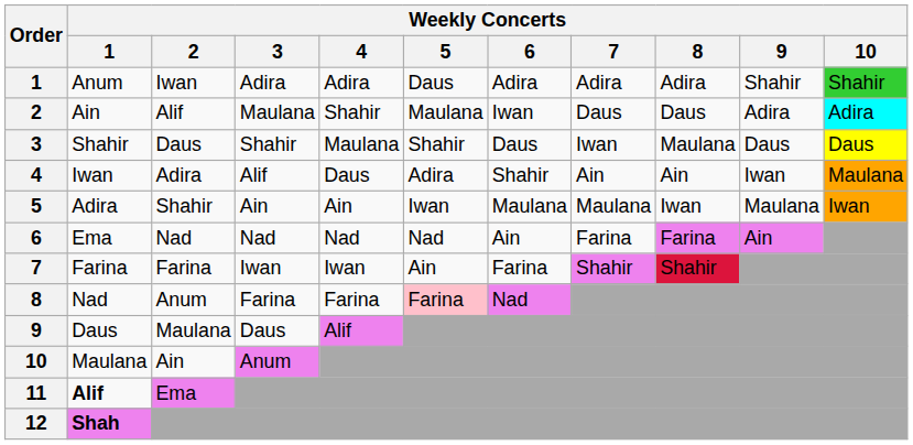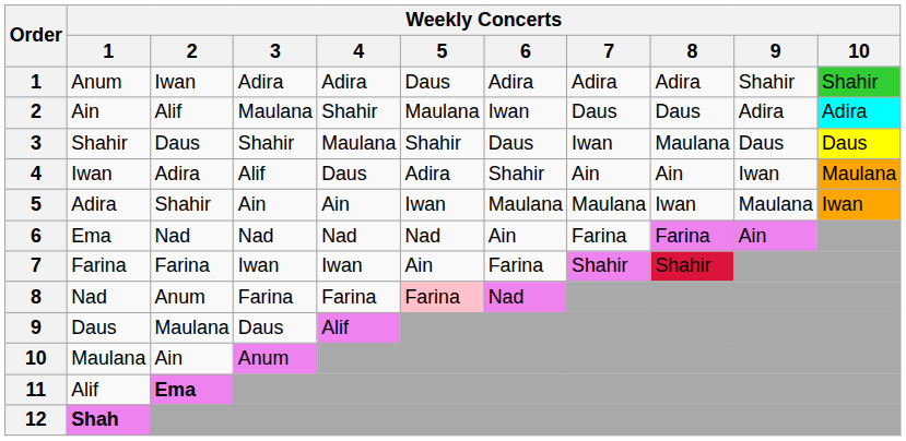 <table class="wikitable">
 <tr>
 <th rowspan=2>Order</th>
 <th colspan=10>Weekly Concerts</th>
 </tr>
 <tr>
 <th>1</th>
 <th>2</th>
 <th>3</th>
 <th>4</th>
 <th>5</th>
 <th>6</th>
 <th>7</th>
 <th>8</th>
 <th>9</th>
 <th>10</th>
 </tr>
 <tr>
 <th>1</th>
 <td>Anum</td>
 <td>Iwan</td>
 <td>Adira</td>
 <td>Adira</td>
 <td>Daus</td>
 <td>Adira</td>
 <td>Adira</td>
 <td>Adira</td>
 <td>Shahir</td>
 <td Adira bgcolor="limegreen">Shahir</td>
 </tr>
 <tr>
 <th>2</th>
 <td>Ain</td>
 <td>Alif</td>
 <td>Maulana</td>
 <td>Shahir</td>
 <td>Maulana</td>
 <td>Iwan</td>
 <td>Daus</td>
 <td>Daus</td>
 <td>Adira</td>
 <td bgcolor="cyan">Adira</td>
 </tr>
 <tr>
 <th>3</th>
 <td>Shahir</td>
 <td>Daus</td>
 <td>Shahir</td>
 <td>Maulana</td>
 <td>Shahir</td>
 <td>Daus</td>
 <td>Iwan</td>
 <td>Maulana</td>
 <td>Daus</td>
 <td bgcolor="yellow">Daus</td>
 </tr>
 <tr>
 <th>4</th>
 <td>Iwan</td>
 <td>Adira</td>
 <td>Alif</td>
 <td>Daus</td>
 <td>Adira</td>
 <td>Shahir</td>
 <td>Ain</td>
 <td>Ain</td>
 <td>Iwan</td>
 <td bgcolor="orange">Maulana</td>
 </tr>
 <tr>
 <th>5</th>
 <td>Adira</td>
 <td>Shahir</td>
 <td>Ain</td>
 <td>Ain</td>
 <td>Iwan</td>
 <td>Maulana</td>
 <td>Maulana</td>
 <td>Iwan</td>
 <td>Maulana</td>
 <td bgcolor="orange">Iwan</td>
 </tr>
 <tr>
 <th>6</th>
 <td>Ema</td>
 <td>Nad</td>
 <td>Nad</td>
 <td>Nad</td>
 <td>Nad</td>
 <td>Ain</td>
 <td>Farina</td>
 <td bgcolor="violet">Farina</td>
 <td bgcolor="violet">Ain</td>
 <td bgcolor="darkgray" colspan=2></td>
 </tr>
 <tr>
 <th>7</th>
 <td>Farina</td>
 <td>Farina</td>
 <td>Iwan</td>
 <td>Iwan</td>
 <td>Ain</td>
 <td>Farina</td>
 <td bgcolor="violet">Shahir</td>
 <td bgcolor="crimson"><span>Shahir</span></td>
 <td bgcolor="darkgray" colspan=5></td>
 </tr>
 <tr>
 <th>8</th>
 <td>Nad</td>
 <td>Anum</td>
 <td>Farina</td>
 <td>Farina</td>
 <td bgcolor="pink">Farina</td>
 <td bgcolor="violet">Nad</td>
 <td bgcolor="darkgray" colspan=6></td>
 </tr>
 <tr>
 <th>9</th>
 <td>Daus</td>
 <td>Maulana</td>
 <td>Daus</td>
 <td bgcolor="violet">Alif</td>
 <td bgcolor="darkgray" colspan=7></td>
 </tr>
 <tr>
 <th>10</th>
 <td>Maulana</td>
 <td>Ain</td>
 <td bgcolor="violet">Anum</td>
 <td bgcolor="darkgray" colspan=8></td>
 </tr>
 <tr>
 <th>11</th>
-<td><strong>Alif</strong></td>
-<td bgcolor="violet">Ema</td>
+<td>Alif</td>
+<td bgcolor="violet"><strong>Ema</strong></td>
 <td bgcolor="darkgray" colspan=9></td>
 </tr>
 <tr>
 <th>12</th>
 <td bgcolor="violet"><strong>Shah</strong></td>
 <td bgcolor="darkgray" colspan=10></td>
 </tr>
 </table>
